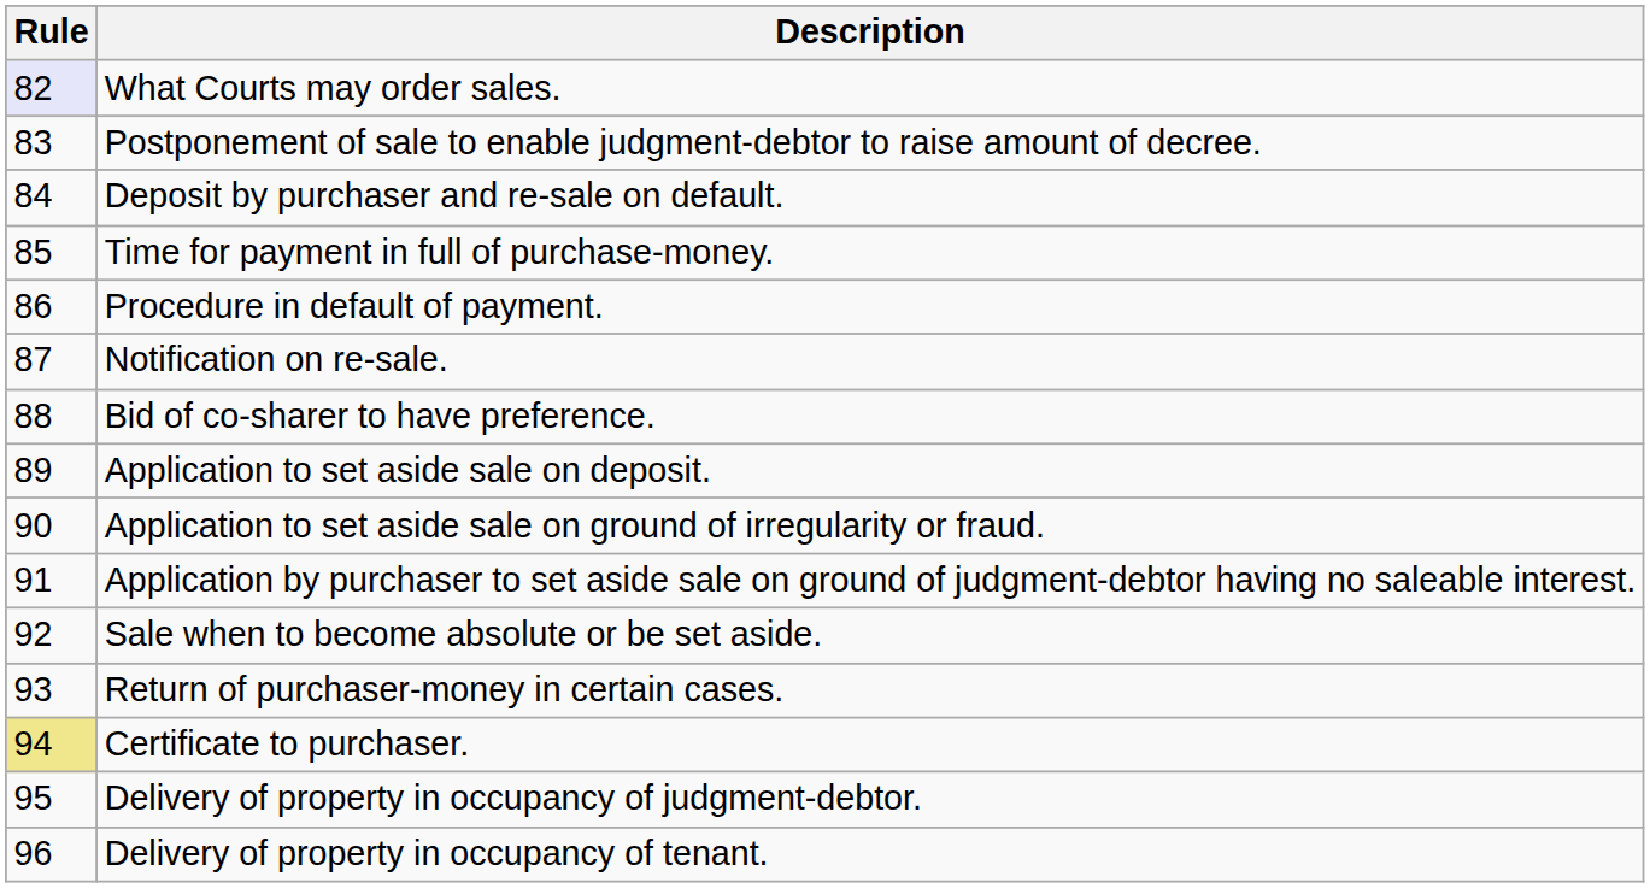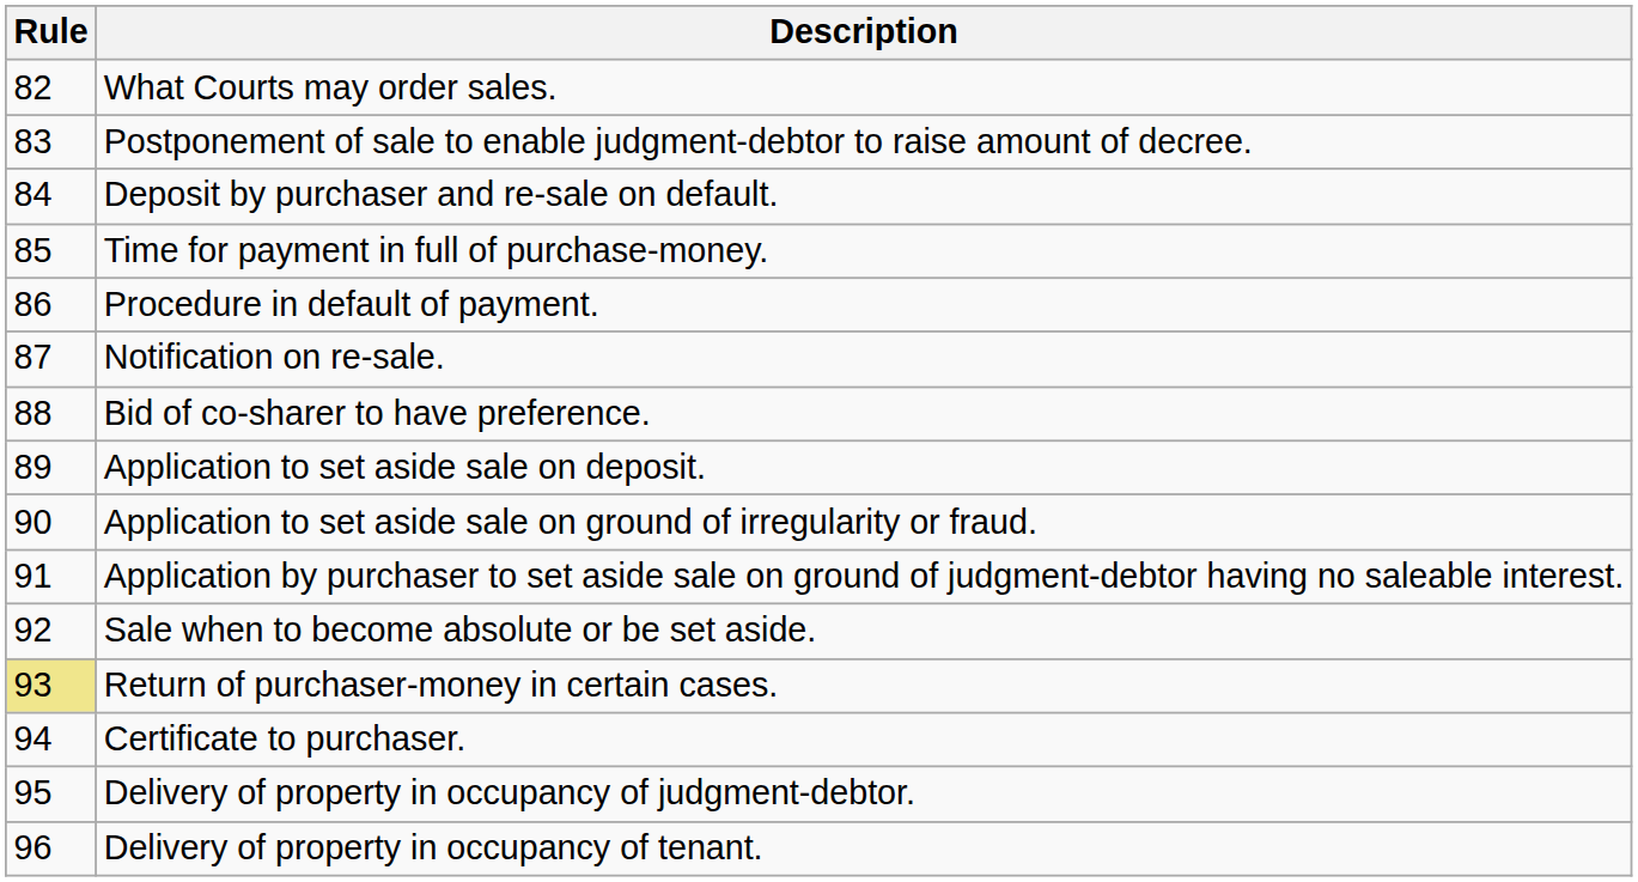 <table class="wikitable">
 <tr>
 <th>Rule</th>
 <th>Description</th>
 </tr>
 <tr>
-<td style="background: lavender;">82</td>
+<td>82</td>
 <td>What Courts may order sales.</td>
 </tr>
 <tr>
 <td>83</td>
 <td>Postponement of sale to enable judgment-debtor to raise amount of decree.</td>
 </tr>
 <tr>
 <td>84</td>
 <td>Deposit by purchaser and re-sale on default.</td>
 </tr>
 <tr>
 <td>85</td>
 <td>Time for payment in full of purchase-money.</td>
 </tr>
 <tr>
 <td>86</td>
 <td>Procedure in default of payment.</td>
 </tr>
 <tr>
 <td>87</td>
 <td>Notification on re-sale.</td>
 </tr>
 <tr>
 <td>88</td>
 <td>Bid of co-sharer to have preference.</td>
 </tr>
 <tr>
 <td>89</td>
 <td>Application to set aside sale on deposit.</td>
 </tr>
 <tr>
 <td>90</td>
 <td>Application to set aside sale on ground of irregularity or fraud.</td>
 </tr>
 <tr>
 <td>91</td>
 <td>Application by purchaser to set aside sale on ground of judgment-debtor having no saleable interest.</td>
 </tr>
 <tr>
 <td>92</td>
 <td>Sale when to become absolute or be set aside.</td>
 </tr>
 <tr>
-<td>93</td>
+<td style="background: khaki;">93</td>
 <td>Return of purchaser-money in certain cases.</td>
 </tr>
 <tr>
-<td style="background: khaki;">94</td>
+<td>94</td>
 <td>Certificate to purchaser.</td>
 </tr>
 <tr>
 <td>95</td>
 <td>Delivery of property in occupancy of judgment-debtor.</td>
 </tr>
 <tr>
 <td>96</td>
 <td>Delivery of property in occupancy of tenant.</td>
 </tr>
 </table>
